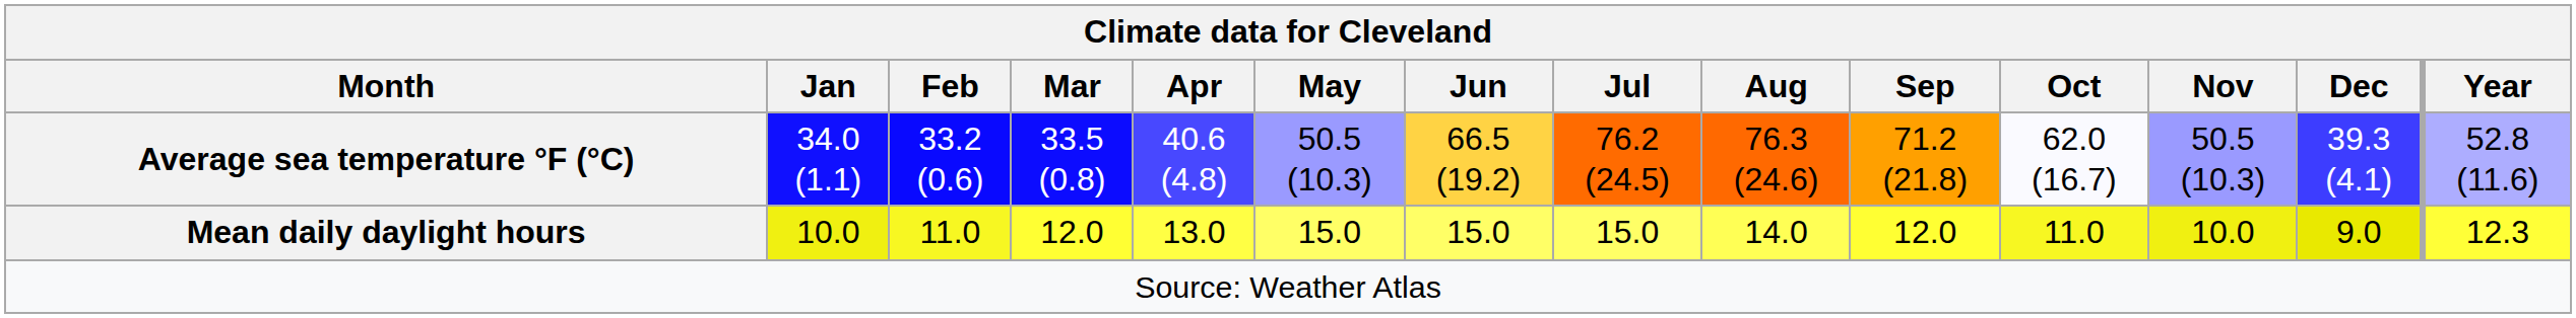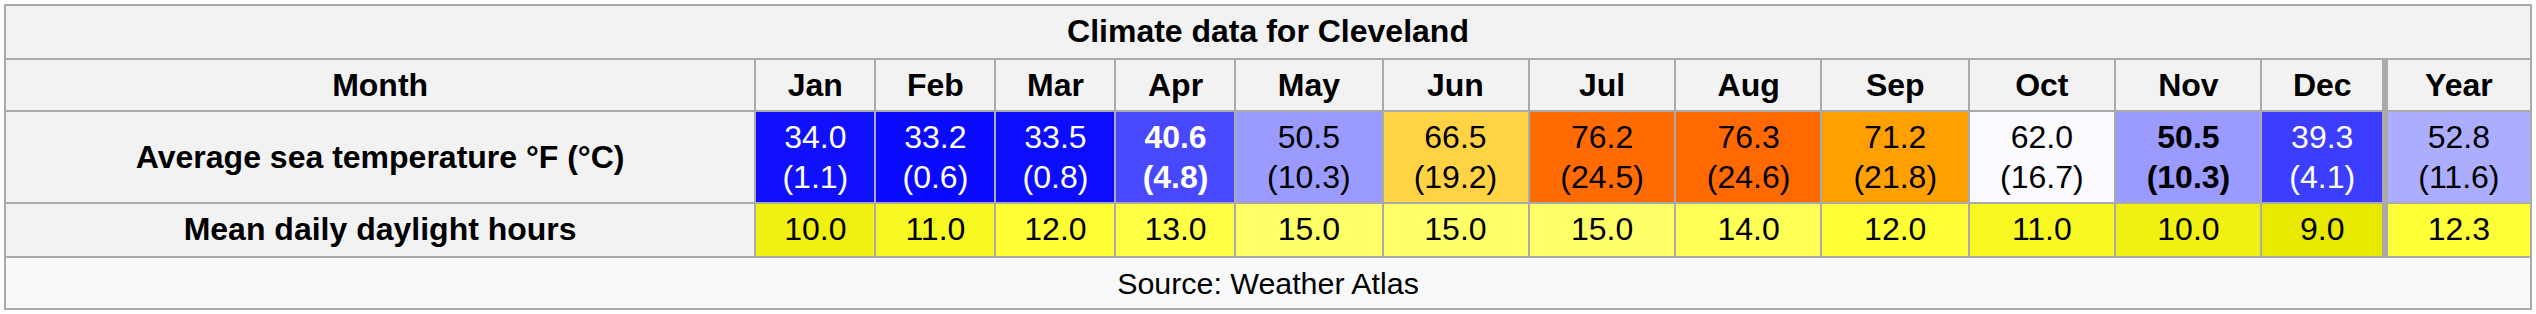 <table class="wikitable mw-collapsible" style="width:100%;text-align:center;line-height:1.2em;margin-left:auto;margin-right:auto">
 <tr>
 <th colspan="14">Climate data for Cleveland</th>
 </tr>
 <tr>
 <th>Month</th>
 <th>Jan</th>
 <th>Feb</th>
 <th>Mar</th>
 <th>Apr</th>
 <th>May</th>
 <th>Jun</th>
 <th>Jul</th>
 <th>Aug</th>
 <th>Sep</th>
 <th>Oct</th>
 <th>Nov</th>
 <th>Dec</th>
 <th style="border-left-width:medium">Year</th>
 </tr>
 <tr>
 <th>Average sea temperature °F (°C)</th>
 <td style="background:#1010FF;color:#FFFFFF;">34.0<br>(1.1)</td>
 <td style="background:#0909FF;color:#FFFFFF;">33.2<br>(0.6)</td>
 <td style="background:#0C0CFF;color:#FFFFFF;">33.5<br>(0.8)</td>
-<td style="background:#4848FF;color:#FFFFFF;">40.6<br>(4.8)</td>
+<td style="background:#4848FF;color:#FFFFFF;"><strong>40.6<br>(4.8)</strong></td>
 <td style="background:#9A9AFF;color:#000000;">50.5<br>(10.3)</td>
 <td style="background:#FFD344;color:#000000;">66.5<br>(19.2)</td>
 <td style="background:#FF6B00;color:#000000;">76.2<br>(24.5)</td>
 <td style="background:#FF6900;color:#000000;">76.3<br>(24.6)</td>
 <td style="background:#FFA000;color:#000000;">71.2<br>(21.8)</td>
 <td style="background:#FAFAFF;color:#000000;">62.0<br>(16.7)</td>
-<td style="background:#9A9AFF;color:#000000;">50.5<br>(10.3)</td>
+<td style="background:#9A9AFF;color:#000000;"><strong>50.5<br>(10.3)</strong></td>
 <td style="background:#3D3DFF;color:#FFFFFF;">39.3<br>(4.1)</td>
 <td style="background:#ADADFF;color:#000000;border-left-width:medium">52.8<br>(11.6)</td>
 </tr>
 <tr>
 <th>Mean daily daylight hours</th>
 <td style="background:#F0F011;color:#000000;">10.0</td>
 <td style="background:#F7F722;color:#000000;">11.0</td>
 <td style="background:#FFFF33;color:#000000;">12.0</td>
 <td style="background:#FFFF44;color:#000000;">13.0</td>
 <td style="background:#FFFF66;color:#000000;">15.0</td>
 <td style="background:#FFFF66;color:#000000;">15.0</td>
 <td style="background:#FFFF66;color:#000000;">15.0</td>
 <td style="background:#FFFF55;color:#000000;">14.0</td>
 <td style="background:#FFFF33;color:#000000;">12.0</td>
 <td style="background:#F7F722;color:#000000;">11.0</td>
 <td style="background:#F0F011;color:#000000;">10.0</td>
 <td style="background:#E9E900;color:#000000;">9.0</td>
 <td style="background:#FFFF37;color:#000000;border-left-width:medium">12.3</td>
 </tr>
 <tr>
 <th colspan="14" style="background:#f8f9fa;font-weight:normal;font-size:95%;">Source: Weather Atlas</th>
 </tr>
 </table>
